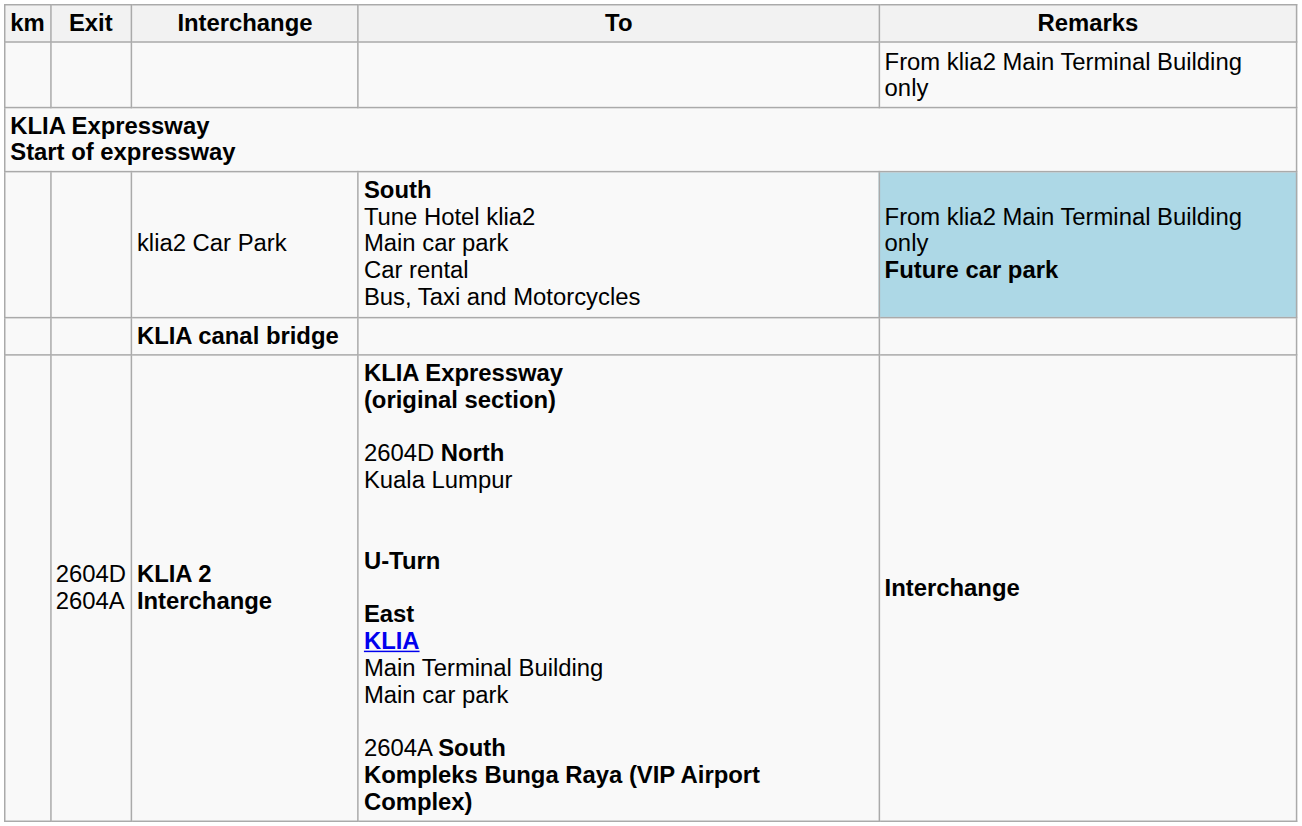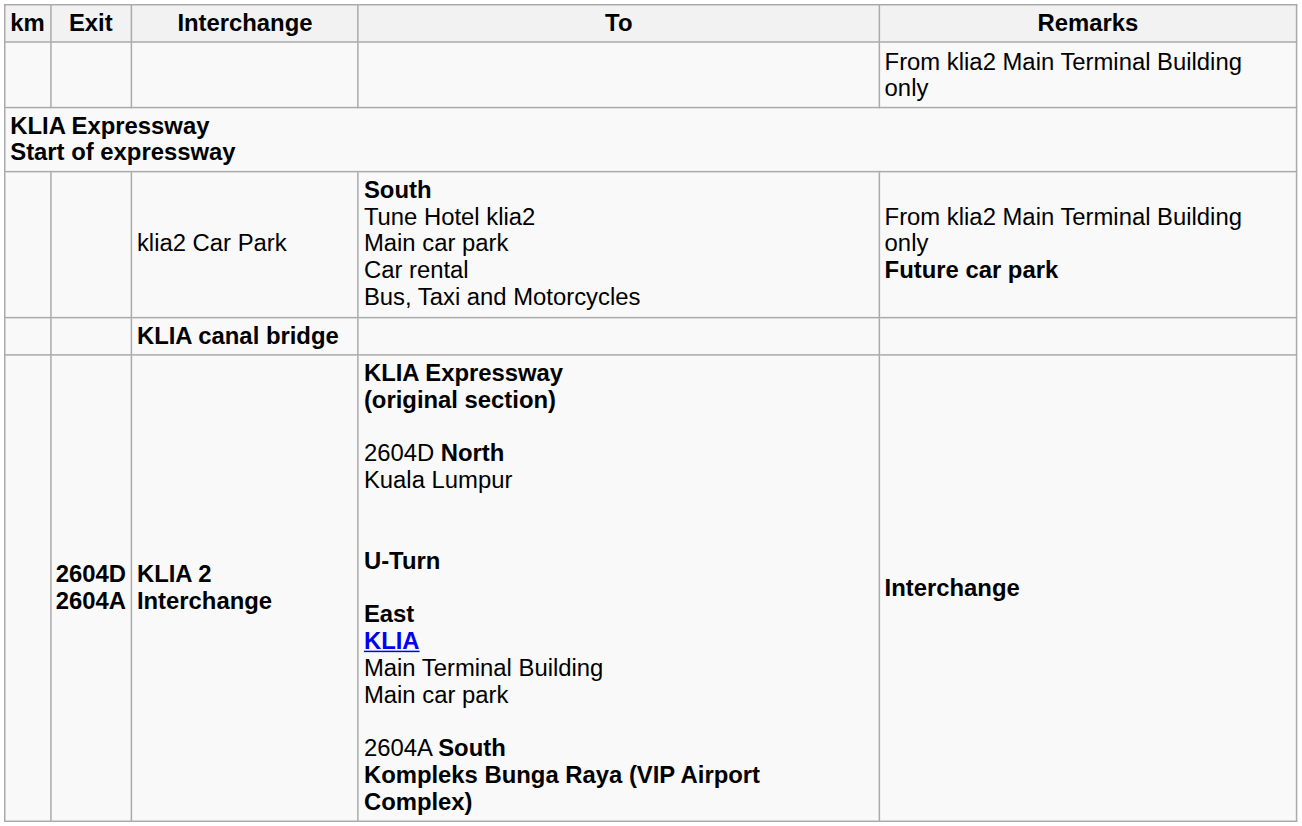 <table class="wikitable">
 <tr>
 <th>km</th>
 <th>Exit</th>
 <th>Interchange</th>
 <th>To</th>
 <th>Remarks</th>
 </tr>
 <tr>
 <td></td>
 <td></td>
 <td></td>
 <td></td>
 <td>From klia2 Main Terminal Building only</td>
 </tr>
 <tr>
 <td style="width:600px" colspan="6" style="text-align:center; background:blue;"><strong><span> KLIA Expressway<br>Start of expressway</span></strong></td>
 </tr>
 <tr>
 <td></td>
 <td></td>
 <td> klia2 Car Park</td>
 <td><strong>South</strong><br>Tune Hotel klia2<br> Main car park<br>Car rental<br> Bus, Taxi and Motorcycles</td>
-<td style="background: lightblue;">From klia2 Main Terminal Building only<br><strong>Future car park</strong></td>
+<td>From klia2 Main Terminal Building only<br><strong>Future car park</strong></td>
 </tr>
 <tr>
 <td></td>
 <td></td>
 <td><strong>KLIA canal bridge</strong></td>
 <td></td>
 <td></td>
 </tr>
 <tr>
 <td></td>
-<td>2604D<br>2604A</td>
+<td><strong>2604D<br>2604A</strong></td>
 <td><strong>KLIA 2 Interchange</strong></td>
 <td> <strong>KLIA Expressway</strong><br><strong>(original section)</strong><br><br>2604D <strong>North</strong><br>  Kuala Lumpur<br><br><br><strong>U-Turn</strong><br><br><strong>East</strong><br><strong><a href='#'>KLIA</a></strong> <br>Main Terminal Building<br> Main car park<br><br>2604A <strong>South</strong><br><strong>Kompleks Bunga Raya (VIP Airport Complex)</strong></td>
 <td><strong>Interchange</strong></td>
 </tr>
 </table>
